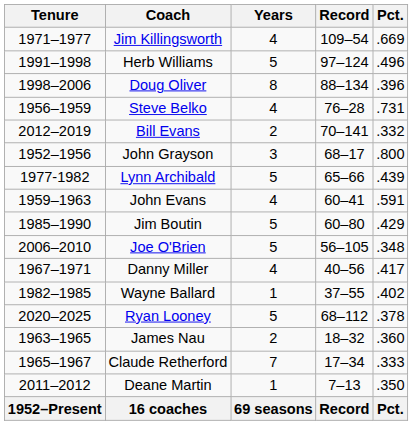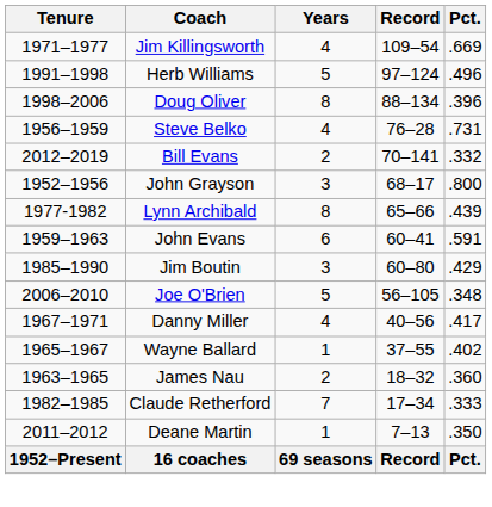 <table class="wikitable sortable" style="text-align:center">
 <tr>
 <th>Tenure</th>
 <th>Coach</th>
 <th>Years</th>
 <th>Record</th>
 <th>Pct.</th>
 </tr>
 <tr>
 <td>1971–1977</td>
 <td><a href='#'>Jim Killingsworth</a></td>
 <td>4</td>
 <td>109–54</td>
 <td>.669</td>
 </tr>
 <tr>
 <td>1991–1998</td>
 <td>Herb Williams</td>
 <td>5</td>
 <td>97–124</td>
 <td>.496</td>
 </tr>
 <tr>
 <td>1998–2006</td>
 <td><a href='#'>Doug Oliver</a></td>
 <td>8</td>
 <td>88–134</td>
 <td>.396</td>
 </tr>
 <tr>
 <td>1956–1959</td>
 <td><a href='#'>Steve Belko</a></td>
 <td>4</td>
 <td>76–28</td>
 <td>.731</td>
 </tr>
 <tr>
 <td>2012–2019</td>
 <td><a href='#'>Bill Evans</a></td>
 <td>2</td>
 <td>70–141</td>
 <td>.332</td>
 </tr>
 <tr>
 <td>1952–1956</td>
 <td>John Grayson</td>
 <td>3</td>
 <td>68–17</td>
 <td>.800</td>
 </tr>
 <tr>
 <td>1977-1982</td>
 <td><a href='#'>Lynn Archibald</a></td>
-<td>5</td>
+<td>8</td>
 <td>65–66</td>
 <td>.439</td>
 </tr>
 <tr>
 <td>1959–1963</td>
 <td>John Evans</td>
-<td>4</td>
+<td>6</td>
 <td>60–41</td>
 <td>.591</td>
 </tr>
 <tr>
 <td>1985–1990</td>
 <td>Jim Boutin</td>
-<td>5</td>
+<td>3</td>
 <td>60–80</td>
 <td>.429</td>
 </tr>
 <tr>
 <td>2006–2010</td>
 <td><a href='#'>Joe O'Brien</a></td>
 <td>5</td>
 <td>56–105</td>
 <td>.348</td>
 </tr>
 <tr>
 <td>1967–1971</td>
 <td>Danny Miller</td>
 <td>4</td>
 <td>40–56</td>
 <td>.417</td>
 </tr>
 <tr>
-<td>1982–1985</td>
+<td>1965–1967</td>
 <td>Wayne Ballard</td>
 <td>1</td>
 <td>37–55</td>
 <td>.402</td>
-</tr>
-<tr>
-<td>2020–2025</td>
-<td><a href='#'>Ryan Looney</a></td>
-<td>5</td>
-<td>68–112</td>
-<td>.378</td>
 </tr>
 <tr>
 <td>1963–1965</td>
 <td>James Nau</td>
 <td>2</td>
 <td>18–32</td>
 <td>.360</td>
 </tr>
 <tr>
-<td>1965–1967</td>
+<td>1982–1985</td>
 <td>Claude Retherford</td>
 <td>7</td>
 <td>17–34</td>
 <td>.333</td>
 </tr>
 <tr>
 <td>2011–2012</td>
 <td>Deane Martin</td>
 <td>1</td>
 <td>7–13</td>
 <td>.350</td>
 </tr>
 <tr>
 <th>1952–Present</th>
 <th>16 coaches</th>
 <th>69 seasons</th>
 <th>Record</th>
 <th>Pct.</th>
 </tr>
 </table>
